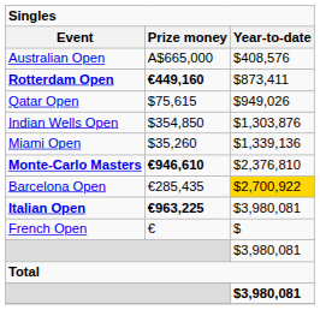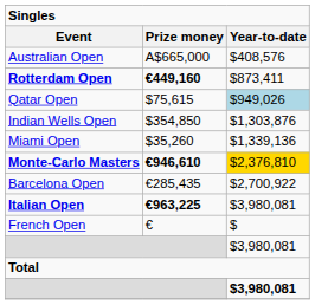 <table class="wikitable sortable">
 <tr>
 <td colspan=3><strong>Singles</strong></td>
 </tr>
 <tr>
 <th>Event</th>
 <th>Prize money</th>
 <th>Year-to-date</th>
 </tr>
 <tr>
 <td><a href='#'>Australian Open</a></td>
 <td>A$665,000</td>
 <td>$408,576</td>
 </tr>
 <tr>
 <td><strong><a href='#'>Rotterdam Open</a></strong></td>
 <td><strong>€449,160</strong></td>
 <td>$873,411</td>
 </tr>
 <tr>
 <td><a href='#'>Qatar Open</a></td>
 <td>$75,615</td>
-<td>$949,026</td>
+<td style="background: lightblue;">$949,026</td>
 </tr>
 <tr>
 <td><a href='#'>Indian Wells Open</a></td>
 <td>$354,850</td>
 <td>$1,303,876</td>
 </tr>
 <tr>
 <td><a href='#'>Miami Open</a></td>
 <td>$35,260</td>
 <td>$1,339,136</td>
 </tr>
 <tr>
 <td><strong><a href='#'>Monte-Carlo Masters</a></strong></td>
 <td><strong>€946,610</strong></td>
-<td>$2,376,810</td>
+<td style="background: gold;">$2,376,810</td>
 </tr>
 <tr>
 <td><a href='#'>Barcelona Open</a></td>
 <td>€285,435</td>
-<td style="background: gold;">$2,700,922</td>
+<td>$2,700,922</td>
 </tr>
 <tr>
 <td><strong><a href='#'>Italian Open</a></strong></td>
 <td><strong>€963,225</strong></td>
 <td>$3,980,081</td>
 </tr>
 <tr>
 <td><a href='#'>French Open</a></td>
 <td>€</td>
 <td>$<br></td>
 </tr>
 <tr class="sortbottom">
 <td colspan=2 bgcolor=#DCDCDC></td>
 <td>$3,980,081</td>
 </tr>
 <tr>
 <td colspan=3><strong>Total</strong></td>
 </tr>
 <tr class="sortbottom">
 <td colspan=2 bgcolor=#DCDCDC></td>
 <td><strong> $3,980,081 </strong></td>
 </tr>
 <tr>
 </tr>
 </table>
